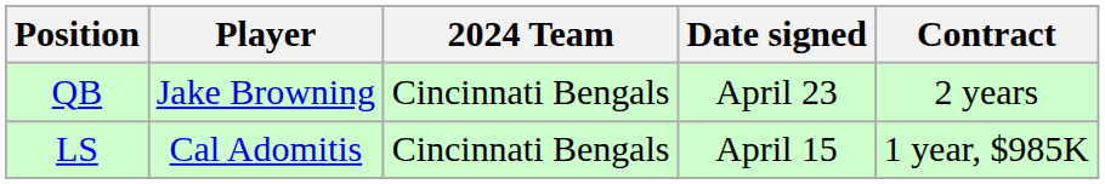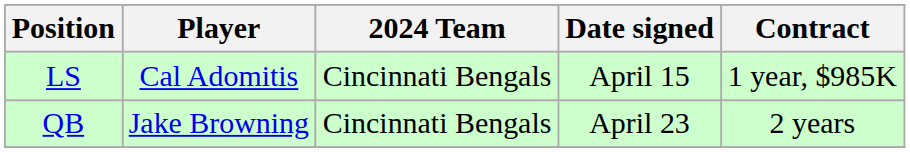 <table class="wikitable" style="text-align:center">
 <tr>
 <th>Position</th>
 <th>Player</th>
 <th>2024 Team</th>
 <th>Date signed</th>
 <th>Contract</th>
 </tr>
 <tr style="background:#cfc;">
+<td><a href='#'>LS</a></td>
+<td><a href='#'>Cal Adomitis</a></td>
+<td>Cincinnati Bengals</td>
+<td>April 15</td>
+<td>1 year, $985K</td>
+</tr>
+<tr style="background:#cfc;">
 <td><a href='#'>QB</a></td>
 <td><a href='#'>Jake Browning</a></td>
 <td>Cincinnati Bengals</td>
 <td>April 23</td>
 <td>2 years</td>
 </tr>
-<tr style="background:#cfc;">
-<td><a href='#'>LS</a></td>
-<td><a href='#'>Cal Adomitis</a></td>
-<td>Cincinnati Bengals</td>
-<td>April 15</td>
-<td>1 year, $985K</td>
-</tr>
 </table>
